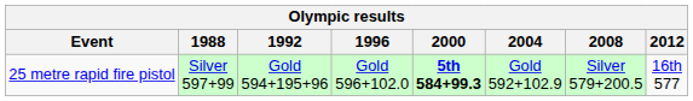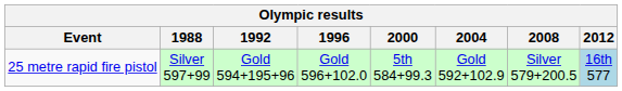 <table class="wikitable" style="text-align: center">
 <tr>
 <th colspan=8>Olympic results</th>
 </tr>
 <tr>
 <th>Event</th>
 <th>1988</th>
 <th>1992</th>
 <th>1996</th>
 <th>2000</th>
 <th>2004</th>
 <th>2008</th>
 <th>2012</th>
 </tr>
 <tr>
 <td align=left><a href='#'>25 metre rapid fire pistol</a></td>
 <td style="background: #ccffcc"> <a href='#'>Silver</a><br>597+99</td>
 <td style="background: #ccffcc"> <a href='#'>Gold</a><br>594+195+96</td>
 <td style="background: #ccffcc"> <a href='#'>Gold</a><br>596+102.0</td>
-<td style="background: #ccffcc"><strong><a href='#'>5th</a><br>584+99.3</strong></td>
+<td style="background: #ccffcc"><a href='#'>5th</a><br>584+99.3</td>
 <td style="background: #ccffcc"> <a href='#'>Gold</a><br>592+102.9</td>
 <td style="background: #ccffcc"> <a href='#'>Silver</a><br>579+200.5</td>
-<td><a href='#'>16th</a><br>577</td>
+<td style="background: lightblue;"><a href='#'>16th</a><br>577</td>
 </tr>
 </table>
